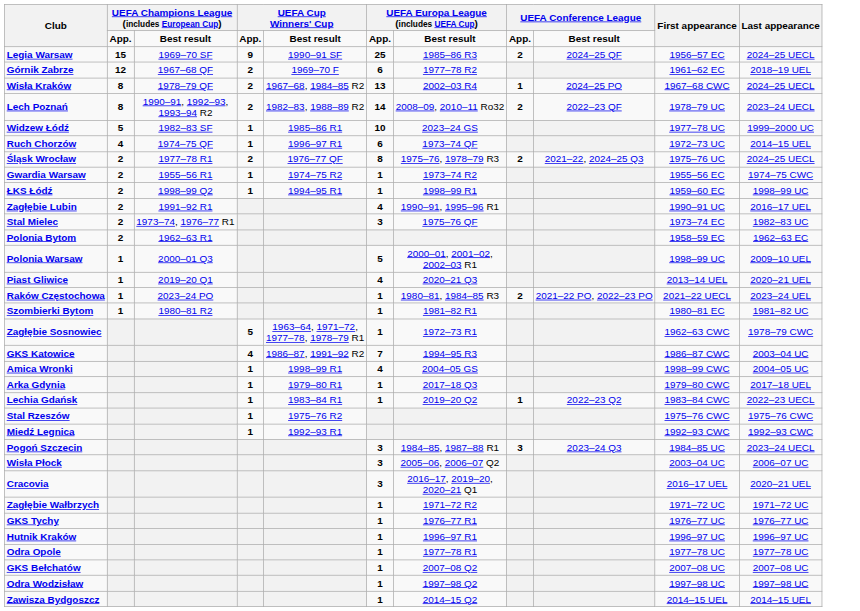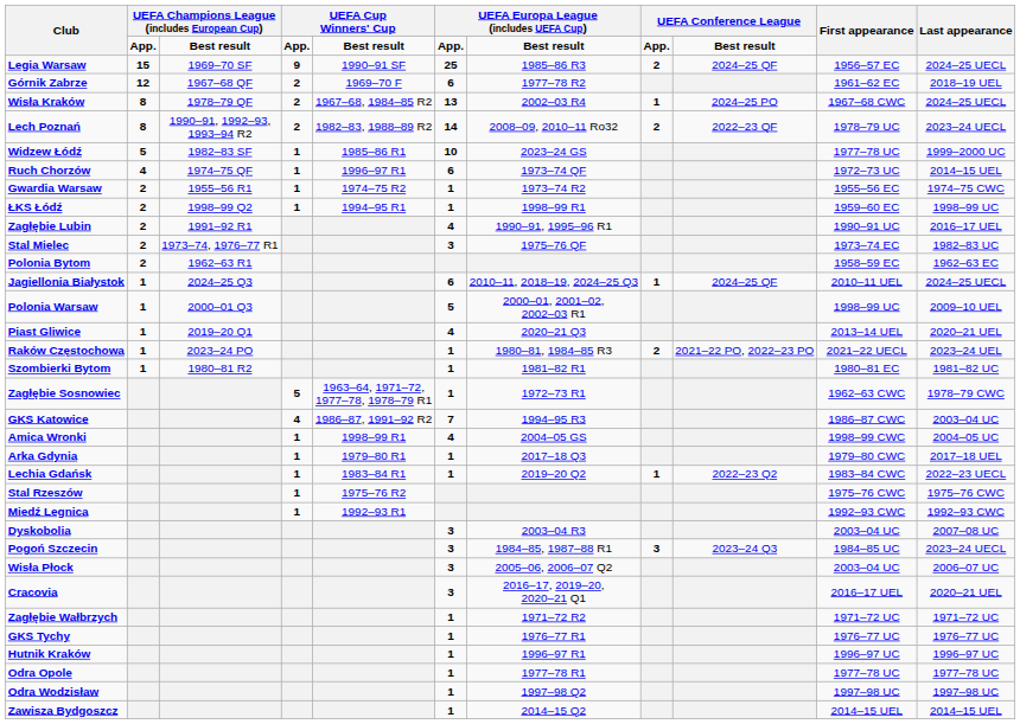 <table class="wikitable" style="text-align: center; font-size:85%">
 <tr>
 <th rowspan=2>Club</th>
 <th colspan=2><a href='#'>UEFA Champions League</a><br>(<small>includes <a href='#'>European Cup</a></small>)</th>
 <th colspan=2><a href='#'>UEFA Cup<br>Winners' Cup</a></th>
 <th colspan=2><a href='#'>UEFA Europa League</a><br>(<small>includes <a href='#'>UEFA Cup</a></small>)</th>
 <th colspan=2><a href='#'>UEFA Conference League</a></th>
 <th rowspan=2>First appearance</th>
 <th rowspan=2>Last appearance</th>
 </tr>
 <tr>
 <td><strong>App.</strong></td>
 <td><strong>Best result</strong></td>
 <td><strong>App.</strong></td>
 <td><strong>Best result</strong></td>
 <td><strong>App.</strong></td>
 <td><strong>Best result</strong></td>
 <td><strong>App.</strong></td>
 <td><strong>Best result</strong></td>
 </tr>
 <tr>
 <td style="text-align:left"><strong><a href='#'>Legia Warsaw</a></strong></td>
 <td><strong>15</strong></td>
 <td><a href='#'>1969–70 SF</a></td>
 <td><strong>9</strong></td>
 <td><a href='#'>1990–91 SF</a></td>
 <td><strong>25</strong></td>
 <td><a href='#'>1985–86 R3</a></td>
 <td><strong>2</strong></td>
 <td><a href='#'>2024–25 QF</a></td>
 <td><a href='#'>1956–57 EC</a></td>
 <td><a href='#'>2024–25 UECL</a></td>
 </tr>
 <tr>
 <td style="text-align:left"><strong><a href='#'>Górnik Zabrze</a></strong></td>
 <td><strong>12</strong></td>
 <td><a href='#'>1967–68 QF</a></td>
 <td><strong>2</strong></td>
 <td><a href='#'>1969–70 F</a></td>
 <td><strong>6</strong></td>
 <td><a href='#'>1977–78 R2</a></td>
 <th></th>
 <th></th>
 <td><a href='#'>1961–62 EC</a></td>
 <td><a href='#'>2018–19 UEL</a></td>
 </tr>
 <tr>
 <td style="text-align:left"><strong><a href='#'>Wisła Kraków</a></strong></td>
 <td><strong>8</strong></td>
 <td><a href='#'>1978–79 QF</a></td>
 <td><strong>2</strong></td>
 <td><a href='#'>1967–68</a>, <a href='#'>1984–85</a> R2</td>
 <td><strong>13</strong></td>
 <td><a href='#'>2002–03 R4</a></td>
 <td><strong>1</strong></td>
 <td><a href='#'>2024–25 PO</a></td>
 <td><a href='#'>1967–68 CWC</a></td>
 <td><a href='#'>2024–25 UECL</a></td>
 </tr>
 <tr>
 <td style="text-align:left"><strong><a href='#'>Lech Poznań</a></strong></td>
 <td><strong>8</strong></td>
 <td><a href='#'>1990–91</a>, <a href='#'>1992–93</a>,<br><a href='#'>1993–94</a> R2</td>
 <td><strong>2</strong></td>
 <td><a href='#'>1982–83</a>, <a href='#'>1988–89</a> R2</td>
 <td><strong>14</strong></td>
 <td><a href='#'>2008–09</a>, <a href='#'>2010–11</a> Ro32</td>
 <td><strong>2</strong></td>
 <td><a href='#'>2022–23 QF</a></td>
 <td><a href='#'>1978–79 UC</a></td>
 <td><a href='#'>2023–24 UECL</a></td>
 </tr>
 <tr>
 <td style="text-align:left"><strong><a href='#'>Widzew Łódź</a></strong></td>
 <td><strong>5</strong></td>
 <td><a href='#'>1982–83 SF</a></td>
 <td><strong>1</strong></td>
 <td><a href='#'>1985–86 R1</a></td>
 <td><strong>10</strong></td>
 <td><a href='#'>2023–24 GS</a></td>
 <th></th>
 <th></th>
 <td><a href='#'>1977–78 UC</a></td>
 <td><a href='#'>1999–2000 UC</a></td>
 </tr>
 <tr>
 <td style="text-align:left"><strong><a href='#'>Ruch Chorzów</a></strong></td>
 <td><strong>4</strong></td>
 <td><a href='#'>1974–75 QF</a></td>
 <td><strong>1</strong></td>
 <td><a href='#'>1996–97 R1</a></td>
 <td><strong>6</strong></td>
 <td><a href='#'>1973–74 QF</a></td>
 <th></th>
 <th></th>
 <td><a href='#'>1972–73 UC</a></td>
 <td><a href='#'>2014–15 UEL</a></td>
 </tr>
 <tr>
-<td style="text-align:left"><strong><a href='#'>Śląsk Wrocław</a></strong></td>
-<td><strong>2</strong></td>
-<td><a href='#'>1977–78 R1</a></td>
-<td><strong>2</strong></td>
-<td><a href='#'>1976–77 QF</a></td>
-<td><strong>8</strong></td>
-<td><a href='#'>1975–76</a>, <a href='#'>1978–79</a> R3</td>
-<td><strong>2</strong></td>
-<td><a href='#'>2021–22</a>, <a href='#'>2024–25 Q3</a></td>
-<td><a href='#'>1975–76 UC</a></td>
-<td><a href='#'>2024–25 UECL</a></td>
-</tr>
-<tr>
 <td style="text-align:left"><strong><a href='#'>Gwardia Warsaw</a></strong></td>
 <td><strong>2</strong></td>
 <td><a href='#'>1955–56 R1</a></td>
 <td><strong>1</strong></td>
 <td><a href='#'>1974–75 R2</a></td>
 <td><strong>1</strong></td>
 <td><a href='#'>1973–74 R2</a></td>
 <th></th>
 <th></th>
 <td><a href='#'>1955–56 EC</a></td>
 <td><a href='#'>1974–75 CWC</a></td>
 </tr>
 <tr>
 <td style="text-align:left"><strong><a href='#'>ŁKS Łódź</a></strong></td>
 <td><strong>2</strong></td>
 <td><a href='#'>1998–99 Q2</a></td>
 <td><strong>1</strong></td>
 <td><a href='#'>1994–95 R1</a></td>
 <td><strong>1</strong></td>
 <td><a href='#'>1998–99 R1</a></td>
 <th></th>
 <th></th>
 <td><a href='#'>1959–60 EC</a></td>
 <td><a href='#'>1998–99 UC</a></td>
 </tr>
 <tr>
 <td style="text-align:left"><strong><a href='#'>Zagłębie Lubin</a></strong></td>
 <td><strong>2</strong></td>
 <td><a href='#'>1991–92 R1</a></td>
 <th></th>
 <th></th>
 <td><strong>4</strong></td>
 <td><a href='#'>1990–91</a>, <a href='#'>1995–96</a> R1</td>
 <th></th>
 <th></th>
 <td><a href='#'>1990–91 UC</a></td>
 <td><a href='#'>2016–17 UEL</a></td>
 </tr>
 <tr>
 <td style="text-align:left"><strong><a href='#'>Stal Mielec</a></strong></td>
 <td><strong>2</strong></td>
 <td><a href='#'>1973–74</a>, <a href='#'>1976–77</a> R1</td>
 <th></th>
 <th></th>
 <td><strong>3</strong></td>
 <td><a href='#'>1975–76 QF</a></td>
 <th></th>
 <th></th>
 <td><a href='#'>1973–74 EC</a></td>
 <td><a href='#'>1982–83 UC</a></td>
 </tr>
 <tr>
 <td style="text-align:left"><strong><a href='#'>Polonia Bytom</a></strong></td>
 <td><strong>2</strong></td>
 <td><a href='#'>1962–63 R1</a></td>
 <th></th>
 <th></th>
 <th></th>
 <th></th>
 <th></th>
 <th></th>
 <td><a href='#'>1958–59 EC</a></td>
 <td><a href='#'>1962–63 EC</a></td>
+</tr>
+<tr>
+<td style="text-align:left"><strong><a href='#'>Jagiellonia Białystok</a></strong></td>
+<td><strong>1</strong></td>
+<td><a href='#'>2024–25 Q3</a></td>
+<th></th>
+<th></th>
+<td><strong>6</strong></td>
+<td><a href='#'>2010–11</a>, <a href='#'>2018–19</a>, <a href='#'>2024–25 Q3</a></td>
+<td><strong>1</strong></td>
+<td><a href='#'>2024–25 QF</a></td>
+<td><a href='#'>2010–11 UEL</a></td>
+<td><a href='#'>2024–25 UECL</a></td>
 </tr>
 <tr>
 <td style="text-align:left"><strong><a href='#'>Polonia Warsaw</a></strong></td>
 <td><strong>1</strong></td>
 <td><a href='#'>2000–01 Q3</a></td>
 <th></th>
 <th></th>
 <td><strong>5</strong></td>
 <td><a href='#'>2000–01</a>, <a href='#'>2001–02</a>,<br><a href='#'>2002–03</a> R1</td>
 <th></th>
 <th></th>
 <td><a href='#'>1998–99 UC</a></td>
 <td><a href='#'>2009–10 UEL</a></td>
 </tr>
 <tr>
 <td style="text-align:left"><strong><a href='#'>Piast Gliwice</a></strong></td>
 <td><strong>1</strong></td>
 <td><a href='#'>2019–20 Q1</a></td>
 <th></th>
 <th></th>
 <td><strong>4</strong></td>
 <td><a href='#'>2020–21 Q3</a></td>
 <th></th>
 <th></th>
 <td><a href='#'>2013–14 UEL</a></td>
 <td><a href='#'>2020–21 UEL</a></td>
 </tr>
 <tr>
 <td style="text-align:left"><strong><a href='#'>Raków Częstochowa</a></strong></td>
 <td><strong>1</strong></td>
 <td><a href='#'>2023–24 PO</a></td>
 <th></th>
 <th></th>
 <td><strong>1</strong></td>
 <td><a href='#'>1980–81</a>, <a href='#'>1984–85</a> R3</td>
 <td><strong>2</strong></td>
 <td><a href='#'>2021–22 PO</a>, <a href='#'>2022–23 PO</a></td>
 <td><a href='#'>2021–22 UECL</a></td>
 <td><a href='#'>2023–24 UEL</a></td>
 </tr>
 <tr>
 <td style="text-align:left"><strong><a href='#'>Szombierki Bytom</a></strong></td>
 <td><strong>1</strong></td>
 <td><a href='#'>1980–81 R2</a></td>
 <th></th>
 <th></th>
 <td><strong>1</strong></td>
 <td><a href='#'>1981–82 R1</a></td>
 <th></th>
 <th></th>
 <td><a href='#'>1980–81 EC</a></td>
 <td><a href='#'>1981–82 UC</a></td>
 </tr>
 <tr>
 <td style="text-align:left"><strong><a href='#'>Zagłębie Sosnowiec</a></strong></td>
 <th></th>
 <th></th>
 <td><strong>5</strong></td>
 <td><a href='#'>1963–64</a>, <a href='#'>1971–72</a>,<br><a href='#'>1977–78</a>, <a href='#'>1978–79</a> R1</td>
 <td><strong>1</strong></td>
 <td><a href='#'>1972–73 R1</a></td>
 <th></th>
 <th></th>
 <td><a href='#'>1962–63 CWC</a></td>
 <td><a href='#'>1978–79 CWC</a></td>
 </tr>
 <tr>
 <td style="text-align:left"><strong><a href='#'>GKS Katowice</a></strong></td>
 <th></th>
 <th></th>
 <td><strong>4</strong></td>
 <td><a href='#'>1986–87</a>, <a href='#'>1991–92</a> R2</td>
 <td><strong>7</strong></td>
 <td><a href='#'>1994–95 R3</a></td>
 <th></th>
 <th></th>
 <td><a href='#'>1986–87 CWC</a></td>
 <td><a href='#'>2003–04 UC</a></td>
 </tr>
 <tr>
 <td style="text-align:left"><strong><a href='#'>Amica Wronki</a></strong></td>
 <th></th>
 <th></th>
 <td><strong>1</strong></td>
 <td><a href='#'>1998–99 R1</a></td>
 <td><strong>4</strong></td>
 <td><a href='#'>2004–05 GS</a></td>
 <th></th>
 <th></th>
 <td><a href='#'>1998–99 CWC</a></td>
 <td><a href='#'>2004–05 UC</a></td>
 </tr>
 <tr>
 <td style="text-align:left"><strong><a href='#'>Arka Gdynia</a></strong></td>
 <th></th>
 <th></th>
 <td><strong>1</strong></td>
 <td><a href='#'>1979–80 R1</a></td>
 <td><strong>1</strong></td>
 <td><a href='#'>2017–18 Q3</a></td>
 <th></th>
 <th></th>
 <td><a href='#'>1979–80 CWC</a></td>
 <td><a href='#'>2017–18 UEL</a></td>
 </tr>
 <tr>
 <td style="text-align:left"><strong><a href='#'>Lechia Gdańsk</a></strong></td>
 <th></th>
 <th></th>
 <td><strong>1</strong></td>
 <td><a href='#'>1983–84 R1</a></td>
 <td><strong>1</strong></td>
 <td><a href='#'>2019–20 Q2</a></td>
 <td><strong>1</strong></td>
 <td><a href='#'>2022–23 Q2</a></td>
 <td><a href='#'>1983–84 CWC</a></td>
 <td><a href='#'>2022–23 UECL</a></td>
 </tr>
 <tr>
 <td style="text-align:left"><strong><a href='#'>Stal Rzeszów</a></strong></td>
 <th></th>
 <th></th>
 <td><strong>1</strong></td>
 <td><a href='#'>1975–76 R2</a></td>
 <th></th>
 <th></th>
 <th></th>
 <th></th>
 <td><a href='#'>1975–76 CWC</a></td>
 <td><a href='#'>1975–76 CWC</a></td>
 </tr>
 <tr>
 <td style="text-align:left"><strong><a href='#'>Miedź Legnica</a></strong></td>
 <th></th>
 <th></th>
 <td><strong>1</strong></td>
 <td><a href='#'>1992–93 R1</a></td>
 <th></th>
 <th></th>
 <th></th>
 <th></th>
 <td><a href='#'>1992–93 CWC</a></td>
 <td><a href='#'>1992–93 CWC</a></td>
 </tr>
 <tr>
+<td style="text-align:left"><a href='#'><strong>Dyskobolia</strong></a></td>
+<th></th>
+<th></th>
+<th></th>
+<th></th>
+<td><strong>3</strong></td>
+<td><a href='#'>2003–04 R3</a></td>
+<th></th>
+<th></th>
+<td><a href='#'>2003–04 UC</a></td>
+<td><a href='#'>2007–08 UC</a></td>
+</tr>
+<tr>
 <td style="text-align:left"><strong><a href='#'>Pogoń Szczecin</a></strong></td>
 <th></th>
 <th></th>
 <th></th>
 <th></th>
 <td><strong>3</strong></td>
 <td><a href='#'>1984–85</a>, <a href='#'>1987–88</a> R1</td>
 <td><strong>3</strong></td>
 <td><a href='#'>2023–24 Q3</a></td>
 <td><a href='#'>1984–85 UC</a></td>
 <td><a href='#'>2023–24 UECL</a></td>
 </tr>
 <tr>
 <td style="text-align:left"><strong><a href='#'>Wisła Płock</a></strong></td>
 <th></th>
 <th></th>
 <th></th>
 <th></th>
 <td><strong>3</strong></td>
 <td><a href='#'>2005–06</a>, <a href='#'>2006–07</a> Q2</td>
 <th></th>
 <th></th>
 <td><a href='#'>2003–04 UC</a></td>
 <td><a href='#'>2006–07 UC</a></td>
 </tr>
 <tr>
 <td style="text-align:left"><strong><a href='#'>Cracovia</a></strong></td>
 <th></th>
 <th></th>
 <th></th>
 <th></th>
 <td><strong>3</strong></td>
 <td><a href='#'>2016–17</a>, <a href='#'>2019–20</a>,<br><a href='#'>2020–21</a> Q1</td>
 <th></th>
 <th></th>
 <td><a href='#'>2016–17 UEL</a></td>
 <td><a href='#'>2020–21 UEL</a></td>
 </tr>
 <tr>
 <td style="text-align:left"><strong><a href='#'>Zagłębie Wałbrzych</a></strong></td>
 <th></th>
 <th></th>
 <th></th>
 <th></th>
 <td><strong>1</strong></td>
 <td><a href='#'>1971–72 R2</a></td>
 <th></th>
 <th></th>
 <td><a href='#'>1971–72 UC</a></td>
 <td><a href='#'>1971–72 UC</a></td>
 </tr>
 <tr>
 <td style="text-align:left"><strong><a href='#'>GKS Tychy</a></strong></td>
 <th></th>
 <th></th>
 <th></th>
 <th></th>
 <td><strong>1</strong></td>
 <td><a href='#'>1976–77 R1</a></td>
 <th></th>
 <th></th>
 <td><a href='#'>1976–77 UC</a></td>
 <td><a href='#'>1976–77 UC</a></td>
 </tr>
 <tr>
 <td style="text-align:left"><strong><a href='#'>Hutnik Kraków</a></strong></td>
 <th></th>
 <th></th>
 <th></th>
 <th></th>
 <td><strong>1</strong></td>
 <td><a href='#'>1996–97 R1</a></td>
 <th></th>
 <th></th>
 <td><a href='#'>1996–97 UC</a></td>
 <td><a href='#'>1996–97 UC</a></td>
 </tr>
 <tr>
 <td style="text-align:left"><strong><a href='#'>Odra Opole</a></strong></td>
 <th></th>
 <th></th>
 <th></th>
 <th></th>
 <td><strong>1</strong></td>
 <td><a href='#'>1977–78 R1</a></td>
 <th></th>
 <th></th>
 <td><a href='#'>1977–78 UC</a></td>
 <td><a href='#'>1977–78 UC</a></td>
 </tr>
 <tr>
-<td style="text-align:left"><strong><a href='#'>GKS Bełchatów</a></strong></td>
-<th></th>
-<th></th>
-<th></th>
-<th></th>
-<td><strong>1</strong></td>
-<td><a href='#'>2007–08 Q2</a></td>
-<th></th>
-<th></th>
-<td><a href='#'>2007–08 UC</a></td>
-<td><a href='#'>2007–08 UC</a></td>
-</tr>
-<tr>
 <td style="text-align:left"><strong><a href='#'>Odra Wodzisław</a></strong></td>
 <th></th>
 <th></th>
 <th></th>
 <th></th>
 <td><strong>1</strong></td>
 <td><a href='#'>1997–98 Q2</a></td>
 <th></th>
 <th></th>
 <td><a href='#'>1997–98 UC</a></td>
 <td><a href='#'>1997–98 UC</a></td>
 </tr>
 <tr>
 <td style="text-align:left"><strong><a href='#'>Zawisza Bydgoszcz</a></strong></td>
 <th></th>
 <th></th>
 <th></th>
 <th></th>
 <td><strong>1</strong></td>
 <td><a href='#'>2014–15 Q2</a></td>
 <th></th>
 <th></th>
 <td><a href='#'>2014–15 UEL</a></td>
 <td><a href='#'>2014–15 UEL</a></td>
 </tr>
 </table>
